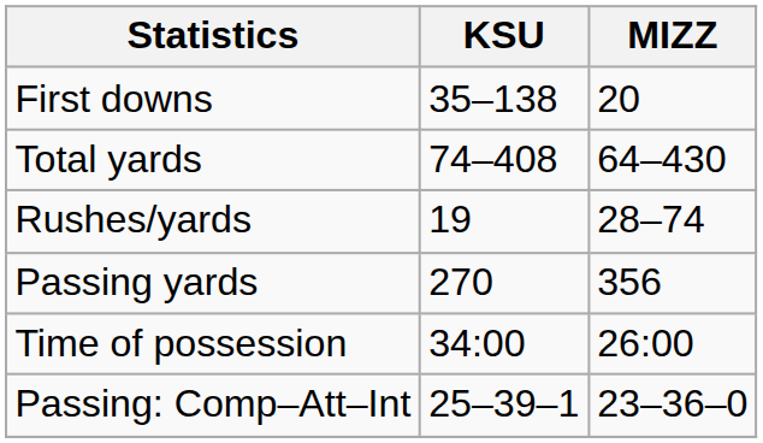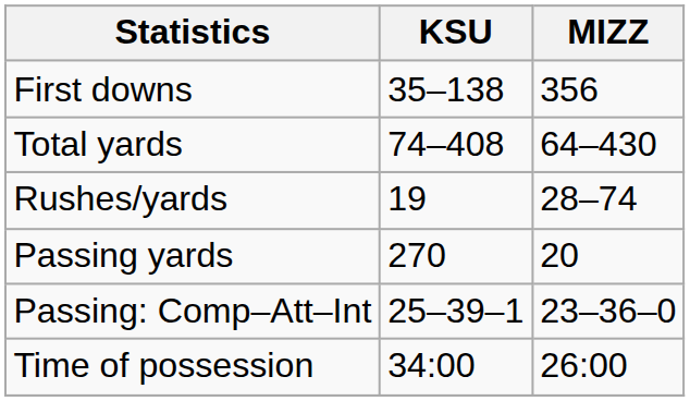 <table class="wikitable" style="float: left;">
 <tr>
 <th>Statistics</th>
 <th>KSU</th>
 <th>MIZZ</th>
 </tr>
 <tr>
 <td>First downs</td>
 <td>35–138</td>
-<td>20</td>
+<td>356</td>
 </tr>
 <tr>
 <td>Total yards</td>
 <td>74–408</td>
 <td>64–430</td>
 </tr>
 <tr>
 <td>Rushes/yards</td>
 <td>19</td>
 <td>28–74</td>
 </tr>
 <tr>
 <td>Passing yards</td>
 <td>270</td>
-<td>356</td>
+<td>20</td>
+</tr>
+<tr>
+<td>Passing: Comp–Att–Int</td>
+<td>25–39–1</td>
+<td>23–36–0</td>
 </tr>
 <tr>
 <td>Time of possession</td>
 <td>34:00</td>
 <td>26:00</td>
 </tr>
 <tr>
-<td>Passing: Comp–Att–Int</td>
-<td>25–39–1</td>
-<td>23–36–0</td>
-</tr>
-<tr>
 </tr>
 </table>
